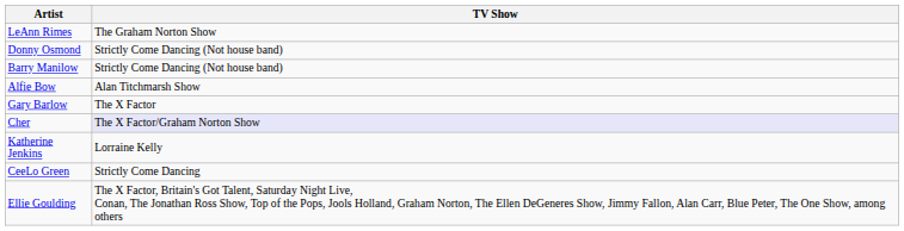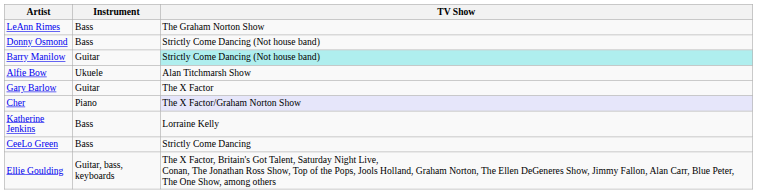 <table class="wikitable">
 <tr>
 <th>Artist</th>
+<th>Instrument</th>
 <th>TV Show</th>
 </tr>
 <tr>
 <td><a href='#'>LeAnn Rimes</a></td>
+<td>Bass</td>
 <td>The Graham Norton Show</td>
 </tr>
 <tr>
 <td><a href='#'>Donny Osmond</a></td>
+<td>Bass</td>
 <td>Strictly Come Dancing (Not house band)</td>
 </tr>
 <tr>
 <td><a href='#'>Barry Manilow</a></td>
-<td>Strictly Come Dancing (Not house band)</td>
+<td>Guitar</td>
+<td style="background: paleturquoise;">Strictly Come Dancing (Not house band)</td>
 </tr>
 <tr>
 <td><a href='#'>Alfie Bow</a></td>
+<td>Ukuele</td>
 <td>Alan Titchmarsh Show</td>
 </tr>
 <tr>
 <td><a href='#'>Gary Barlow</a></td>
+<td>Guitar</td>
 <td>The X Factor</td>
 </tr>
 <tr>
 <td><a href='#'>Cher</a></td>
+<td>Piano</td>
 <td style="background: lavender;">The X Factor/Graham Norton Show</td>
 </tr>
 <tr>
 <td><a href='#'>Katherine Jenkins</a></td>
+<td>Bass</td>
 <td>Lorraine Kelly</td>
 </tr>
 <tr>
 <td><a href='#'>CeeLo Green</a></td>
+<td>Bass</td>
 <td>Strictly Come Dancing</td>
 </tr>
 <tr>
 <td><a href='#'>Ellie Goulding</a></td>
+<td>Guitar, bass, keyboards</td>
 <td>The X Factor, Britain's Got Talent, Saturday Night Live,<br>Conan, The Jonathan Ross Show, Top of the Pops, Jools Holland, Graham Norton, The Ellen DeGeneres Show, Jimmy Fallon, Alan Carr, Blue Peter, The One Show, among others</td>
 </tr>
 </table>
